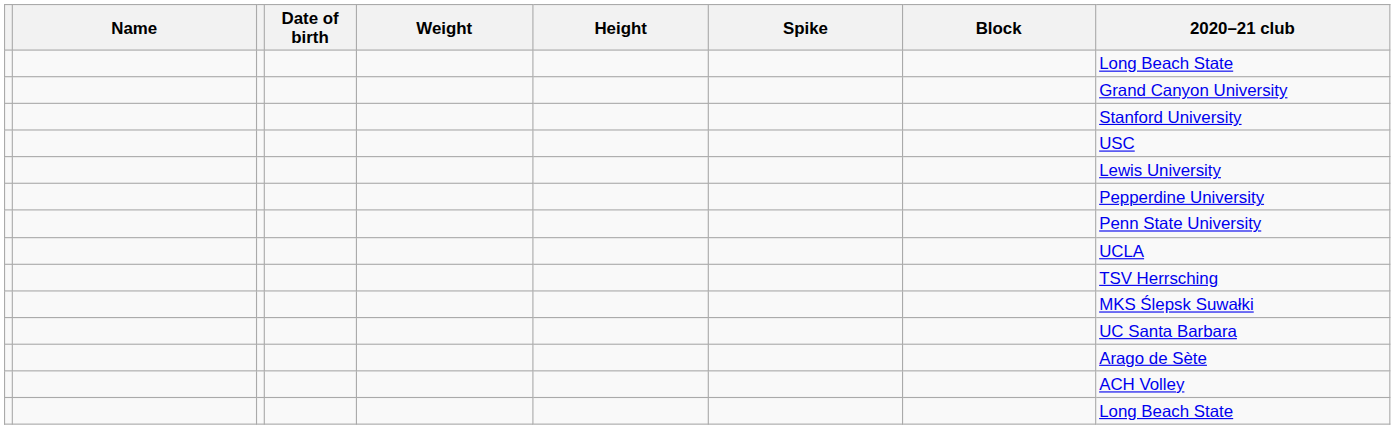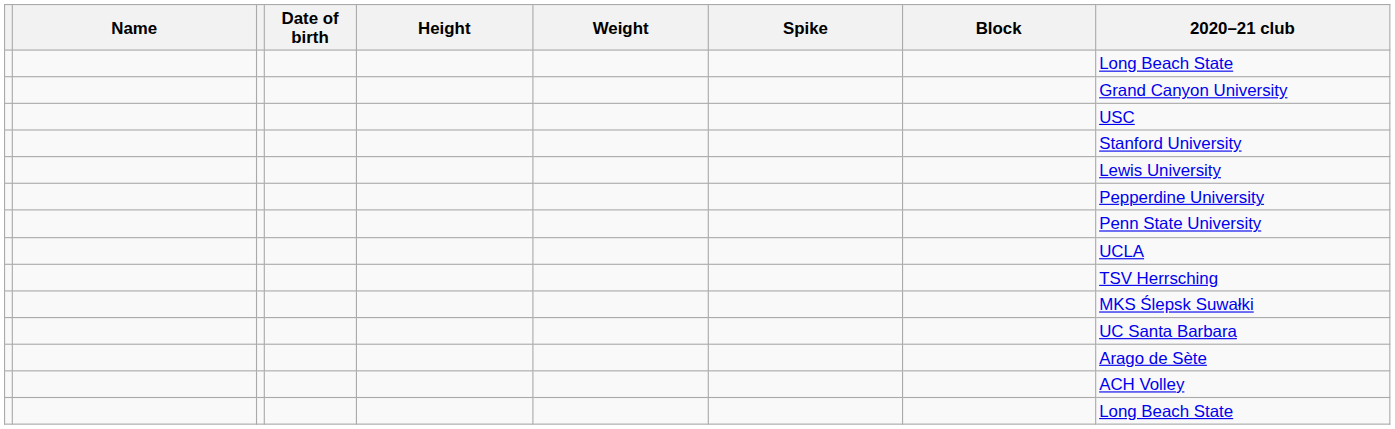 <table class="wikitable sortable" style="font-size:95%; text-align:center;">
 <tr>
 <th></th>
 <th style="width:14em">Name</th>
 <th></th>
 <th style="width:5em">Date of birth</th>
+<th style="width:10em">Height</th>
 <th style="width:10em">Weight</th>
-<th style="width:10em">Height</th>
 <th style="width:11em">Spike</th>
 <th style="width:11em">Block</th>
 <th style="width:17em">2020–21 club</th>
 </tr>
 <tr>
 <td></td>
 <td align=left></td>
 <td></td>
 <td align=right></td>
 <td></td>
 <td></td>
 <td></td>
 <td></td>
 <td align=left> <a href='#'>Long Beach State</a></td>
 </tr>
 <tr>
 <td></td>
 <td align=left></td>
 <td></td>
 <td align=right></td>
 <td></td>
 <td></td>
 <td></td>
 <td></td>
 <td align=left> <a href='#'>Grand Canyon University</a></td>
 </tr>
 <tr>
 <td></td>
 <td align=left></td>
 <td></td>
 <td align=right></td>
 <td></td>
 <td></td>
 <td></td>
 <td></td>
-<td align=left> <a href='#'>Stanford University</a></td>
+<td align=left> <a href='#'>USC</a></td>
 </tr>
 <tr>
 <td></td>
 <td align=left></td>
 <td></td>
 <td align=right></td>
 <td></td>
 <td></td>
 <td></td>
 <td></td>
-<td align=left> <a href='#'>USC</a></td>
+<td align=left> <a href='#'>Stanford University</a></td>
 </tr>
 <tr>
 <td></td>
 <td align=left></td>
 <td></td>
 <td align=right></td>
 <td></td>
 <td></td>
 <td></td>
 <td></td>
 <td align=left> <a href='#'>Lewis University</a></td>
 </tr>
 <tr>
 <td></td>
 <td align=left></td>
 <td></td>
 <td align=right></td>
 <td></td>
 <td></td>
 <td></td>
 <td></td>
 <td align=left> <a href='#'>Pepperdine University</a></td>
 </tr>
 <tr>
 <td></td>
 <td align=left></td>
 <td></td>
 <td align=right></td>
 <td></td>
 <td></td>
 <td></td>
 <td></td>
 <td align=left> <a href='#'>Penn State University</a></td>
 </tr>
 <tr>
 <td></td>
 <td align=left></td>
 <td></td>
 <td align=right></td>
 <td></td>
 <td></td>
 <td></td>
 <td></td>
 <td align=left> <a href='#'>UCLA</a></td>
 </tr>
 <tr>
 <td></td>
 <td align=left></td>
 <td></td>
 <td align=right></td>
 <td></td>
 <td></td>
 <td></td>
 <td></td>
 <td align=left> <a href='#'>TSV Herrsching</a></td>
 </tr>
 <tr>
 <td></td>
 <td align=left> </td>
 <td></td>
 <td align=right></td>
 <td></td>
 <td></td>
 <td></td>
 <td></td>
 <td align=left> <a href='#'>MKS Ślepsk Suwałki</a></td>
 </tr>
 <tr>
 <td></td>
 <td align=left></td>
 <td></td>
 <td align=right></td>
 <td></td>
 <td></td>
 <td></td>
 <td></td>
 <td align=left> <a href='#'>UC Santa Barbara</a></td>
 </tr>
 <tr>
 <td></td>
 <td align=left></td>
 <td></td>
 <td align=right></td>
 <td></td>
 <td></td>
 <td></td>
 <td></td>
 <td align=left> <a href='#'>Arago de Sète</a></td>
 </tr>
 <tr>
 <td></td>
 <td align=left></td>
 <td></td>
 <td align=right></td>
 <td></td>
 <td></td>
 <td></td>
 <td></td>
 <td align=left> <a href='#'>ACH Volley</a></td>
 </tr>
 <tr>
 <td></td>
 <td align=left></td>
 <td></td>
 <td align=right></td>
 <td></td>
 <td></td>
 <td></td>
 <td></td>
 <td align=left> <a href='#'>Long Beach State</a></td>
 </tr>
 </table>
